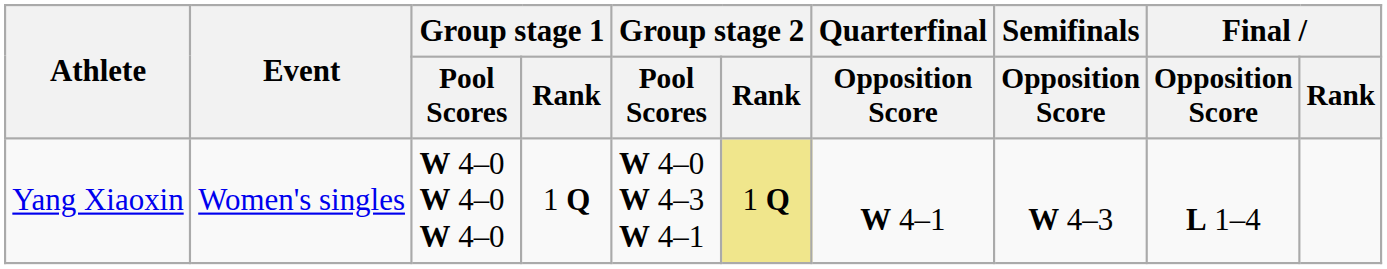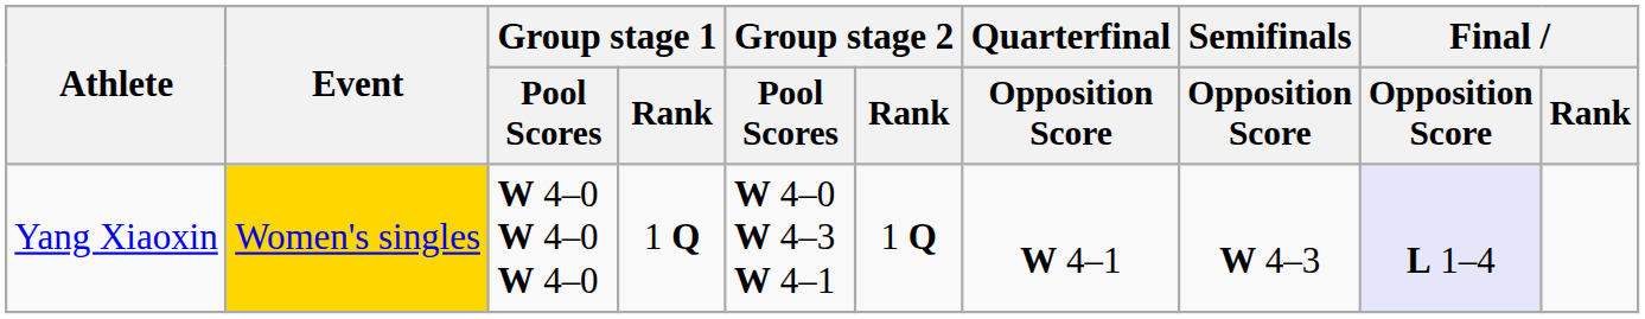 <table class=wikitable style="font-size:90%">
 <tr>
 <th rowspan=2>Athlete</th>
 <th rowspan=2>Event</th>
 <th colspan=2>Group stage 1</th>
 <th colspan="2">Group stage 2</th>
 <th>Quarterfinal</th>
 <th>Semifinals</th>
 <th colspan=2>Final / </th>
 </tr>
 <tr style="font-size:95%">
 <th>Pool<br>Scores</th>
 <th>Rank</th>
 <th>Pool<br>Scores</th>
 <th>Rank</th>
 <th>Opposition<br>Score</th>
 <th>Opposition<br>Score</th>
 <th>Opposition<br>Score</th>
 <th>Rank</th>
 </tr>
 <tr align=center>
 <td align=left><a href='#'>Yang Xiaoxin</a></td>
-<td align="left"><a href='#'>Women's singles</a></td>
+<td align="left" style="background: gold;"><a href='#'>Women's singles</a></td>
 <td align="left"> <strong>W</strong> 4–0<br> <strong>W</strong> 4–0<br> <strong>W</strong> 4–0</td>
 <td>1 <strong>Q</strong></td>
 <td align="left"> <strong>W</strong> 4–0<br> <strong>W</strong> 4–3<br> <strong>W</strong> 4–1</td>
-<td style="background: khaki;">1 <strong>Q</strong></td>
+<td>1 <strong>Q</strong></td>
 <td><br><strong>W</strong> 4–1</td>
 <td><br><strong>W</strong> 4–3</td>
-<td><br><strong>L</strong> 1–4</td>
+<td style="background: lavender;"><br><strong>L</strong> 1–4</td>
 <td></td>
 </tr>
 </table>
